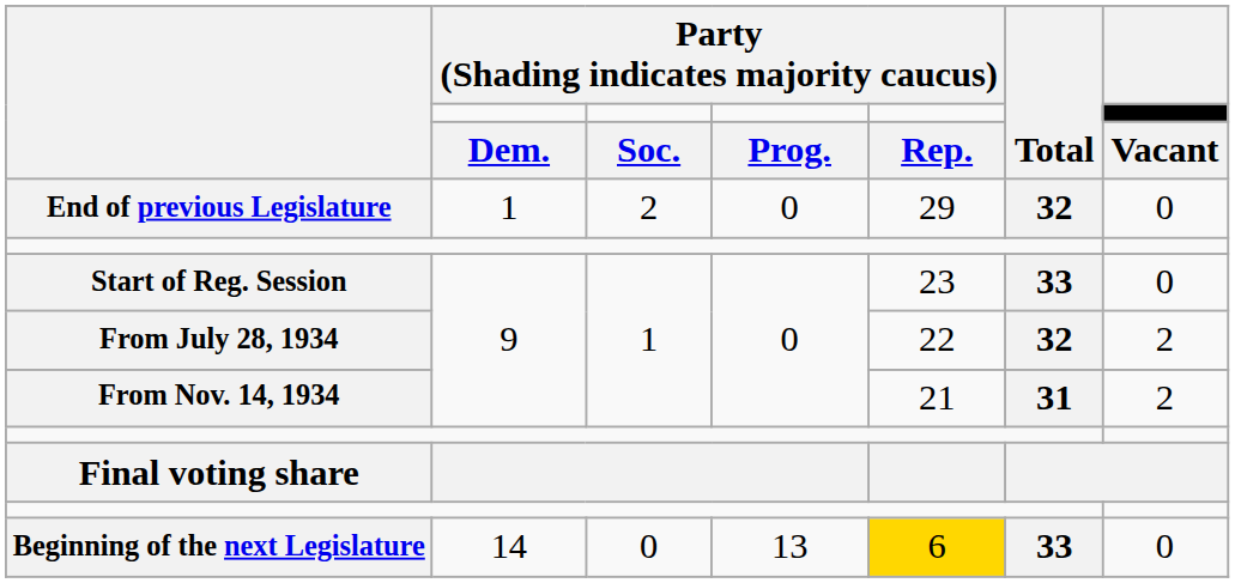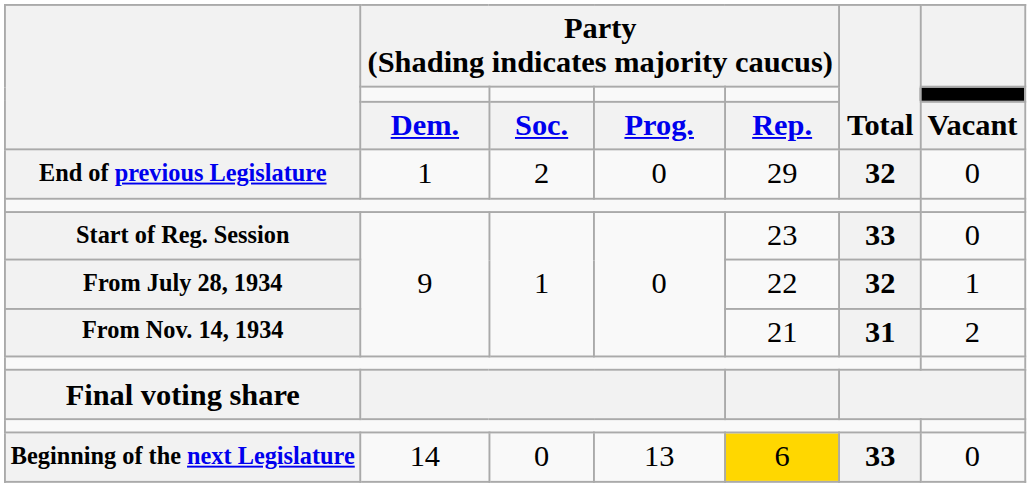 <table class=wikitable style="text-align:center">
 <tr style="vertical-align:bottom;">
 <th rowspan=3></th>
 <th colspan=4>Party <div>(Shading indicates majority caucus)</div></th>
 <th rowspan=3>Total</th>
 <th></th>
 </tr>
 <tr style="height:5px">
 <td style="background-color:"></td>
 <td style="background-color:"></td>
 <td style="background-color:"></td>
 <td style="background-color:"></td>
 <td style="background:black;"></td>
 </tr>
 <tr>
 <th><a href='#'>Dem.</a></th>
 <th><a href='#'>Soc.</a></th>
 <th><a href='#'>Prog.</a></th>
 <th><a href='#'>Rep.</a></th>
 <th>Vacant</th>
 </tr>
 <tr>
 <th style="font-size:80%;">End of <a href='#'>previous Legislature</a></th>
 <td>1</td>
 <td>2</td>
 <td>0</td>
 <td>29</td>
 <th>32</th>
 <td>0</td>
 </tr>
 <tr>
 <td colspan=6></td>
 </tr>
 <tr>
 <th style="font-size:80%;">Start of Reg. Session</th>
 <td rowspan="3">9</td>
 <td rowspan="3">1</td>
 <td rowspan="3">0</td>
 <td>23</td>
 <th>33</th>
 <td>0</td>
 </tr>
 <tr>
 <th style="font-size:80%;">From July 28, 1934</th>
 <td>22</td>
 <th>32</th>
-<td>2</td>
+<td>1</td>
 </tr>
 <tr>
 <th style="font-size:80%;">From Nov. 14, 1934</th>
 <td>21</td>
 <th>31</th>
 <td>2</td>
 </tr>
 <tr>
 <td colspan=6></td>
 </tr>
 <tr>
 <th>Final voting share</th>
 <th colspan=3></th>
 <th></th>
 <th colspan=2></th>
 </tr>
 <tr>
 <td colspan=6></td>
 </tr>
 <tr>
 <th style="font-size:80%;">Beginning of the <a href='#'>next Legislature</a></th>
 <td>14</td>
 <td>0</td>
 <td>13</td>
 <td style="background: gold;">6</td>
 <th>33</th>
 <td>0</td>
 </tr>
 </table>
